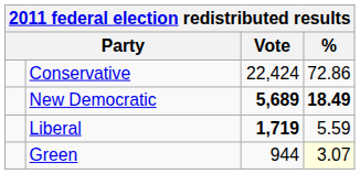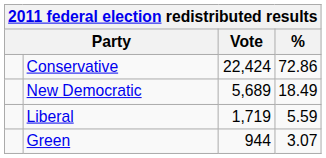 <table class="wikitable">
 <tr>
 <th colspan="4"><a href='#'>2011 federal election</a> redistributed results</th>
 </tr>
 <tr>
 <th bgcolor="#DDDDFF" width="130px" colspan="2">Party</th>
 <th bgcolor="#DDDDFF" width="50px">Vote</th>
 <th bgcolor="#DDDDFF" width="30px">%</th>
 </tr>
 <tr>
 <td> </td>
 <td><a href='#'>Conservative</a></td>
 <td align=right>22,424</td>
 <td align=right>72.86</td>
 </tr>
 <tr>
 <td> </td>
 <td><a href='#'>New Democratic</a></td>
-<td align=right><strong>5,689</strong></td>
-<td align=right><strong>18.49</strong></td>
+<td align=right>5,689</td>
+<td align=right>18.49</td>
 </tr>
 <tr>
 <td> </td>
 <td><a href='#'>Liberal</a></td>
-<td align=right><strong>1,719</strong></td>
+<td align=right>1,719</td>
 <td align=right>5.59</td>
 </tr>
 <tr>
 <td> </td>
 <td><a href='#'>Green</a></td>
 <td align=right>944</td>
-<td align=right style="background: lightyellow;">3.07</td>
+<td align=right>3.07</td>
 </tr>
 </table>
